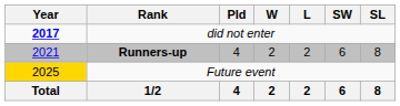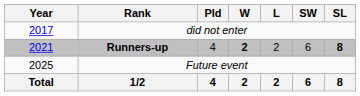 <table class="wikitable" style="text-align: center;font-size:90%;">
 <tr>
 <th width=90>Year</th>
 <th width=150>Rank</th>
 <th width=35>Pld</th>
 <th width=35>W</th>
 <th width=35>L</th>
 <th width=35>SW</th>
 <th width=35>SL</th>
 </tr>
 <tr>
-<td><strong> <a href='#'>2017</a></strong></td>
+<td> <a href='#'>2017</a></td>
 <td colspan=9><em>did not enter</em></td>
 </tr>
 <tr bgcolor=silver>
 <td> <a href='#'>2021</a></td>
 <td><strong>Runners-up</strong></td>
 <td>4</td>
-<td>2</td>
+<td><strong>2</strong></td>
 <td>2</td>
 <td>6</td>
-<td>8</td>
+<td><strong>8</strong></td>
 </tr>
 <tr>
-<td style="background: gold;">  2025</td>
+<td>  2025</td>
 <td Colspan=9><em>Future event</em></td>
 </tr>
 <tr>
 <th>Total</th>
 <th>1/2</th>
 <th>4</th>
 <th>2</th>
 <th>2</th>
 <th>6</th>
 <th>8</th>
 </tr>
 </table>
